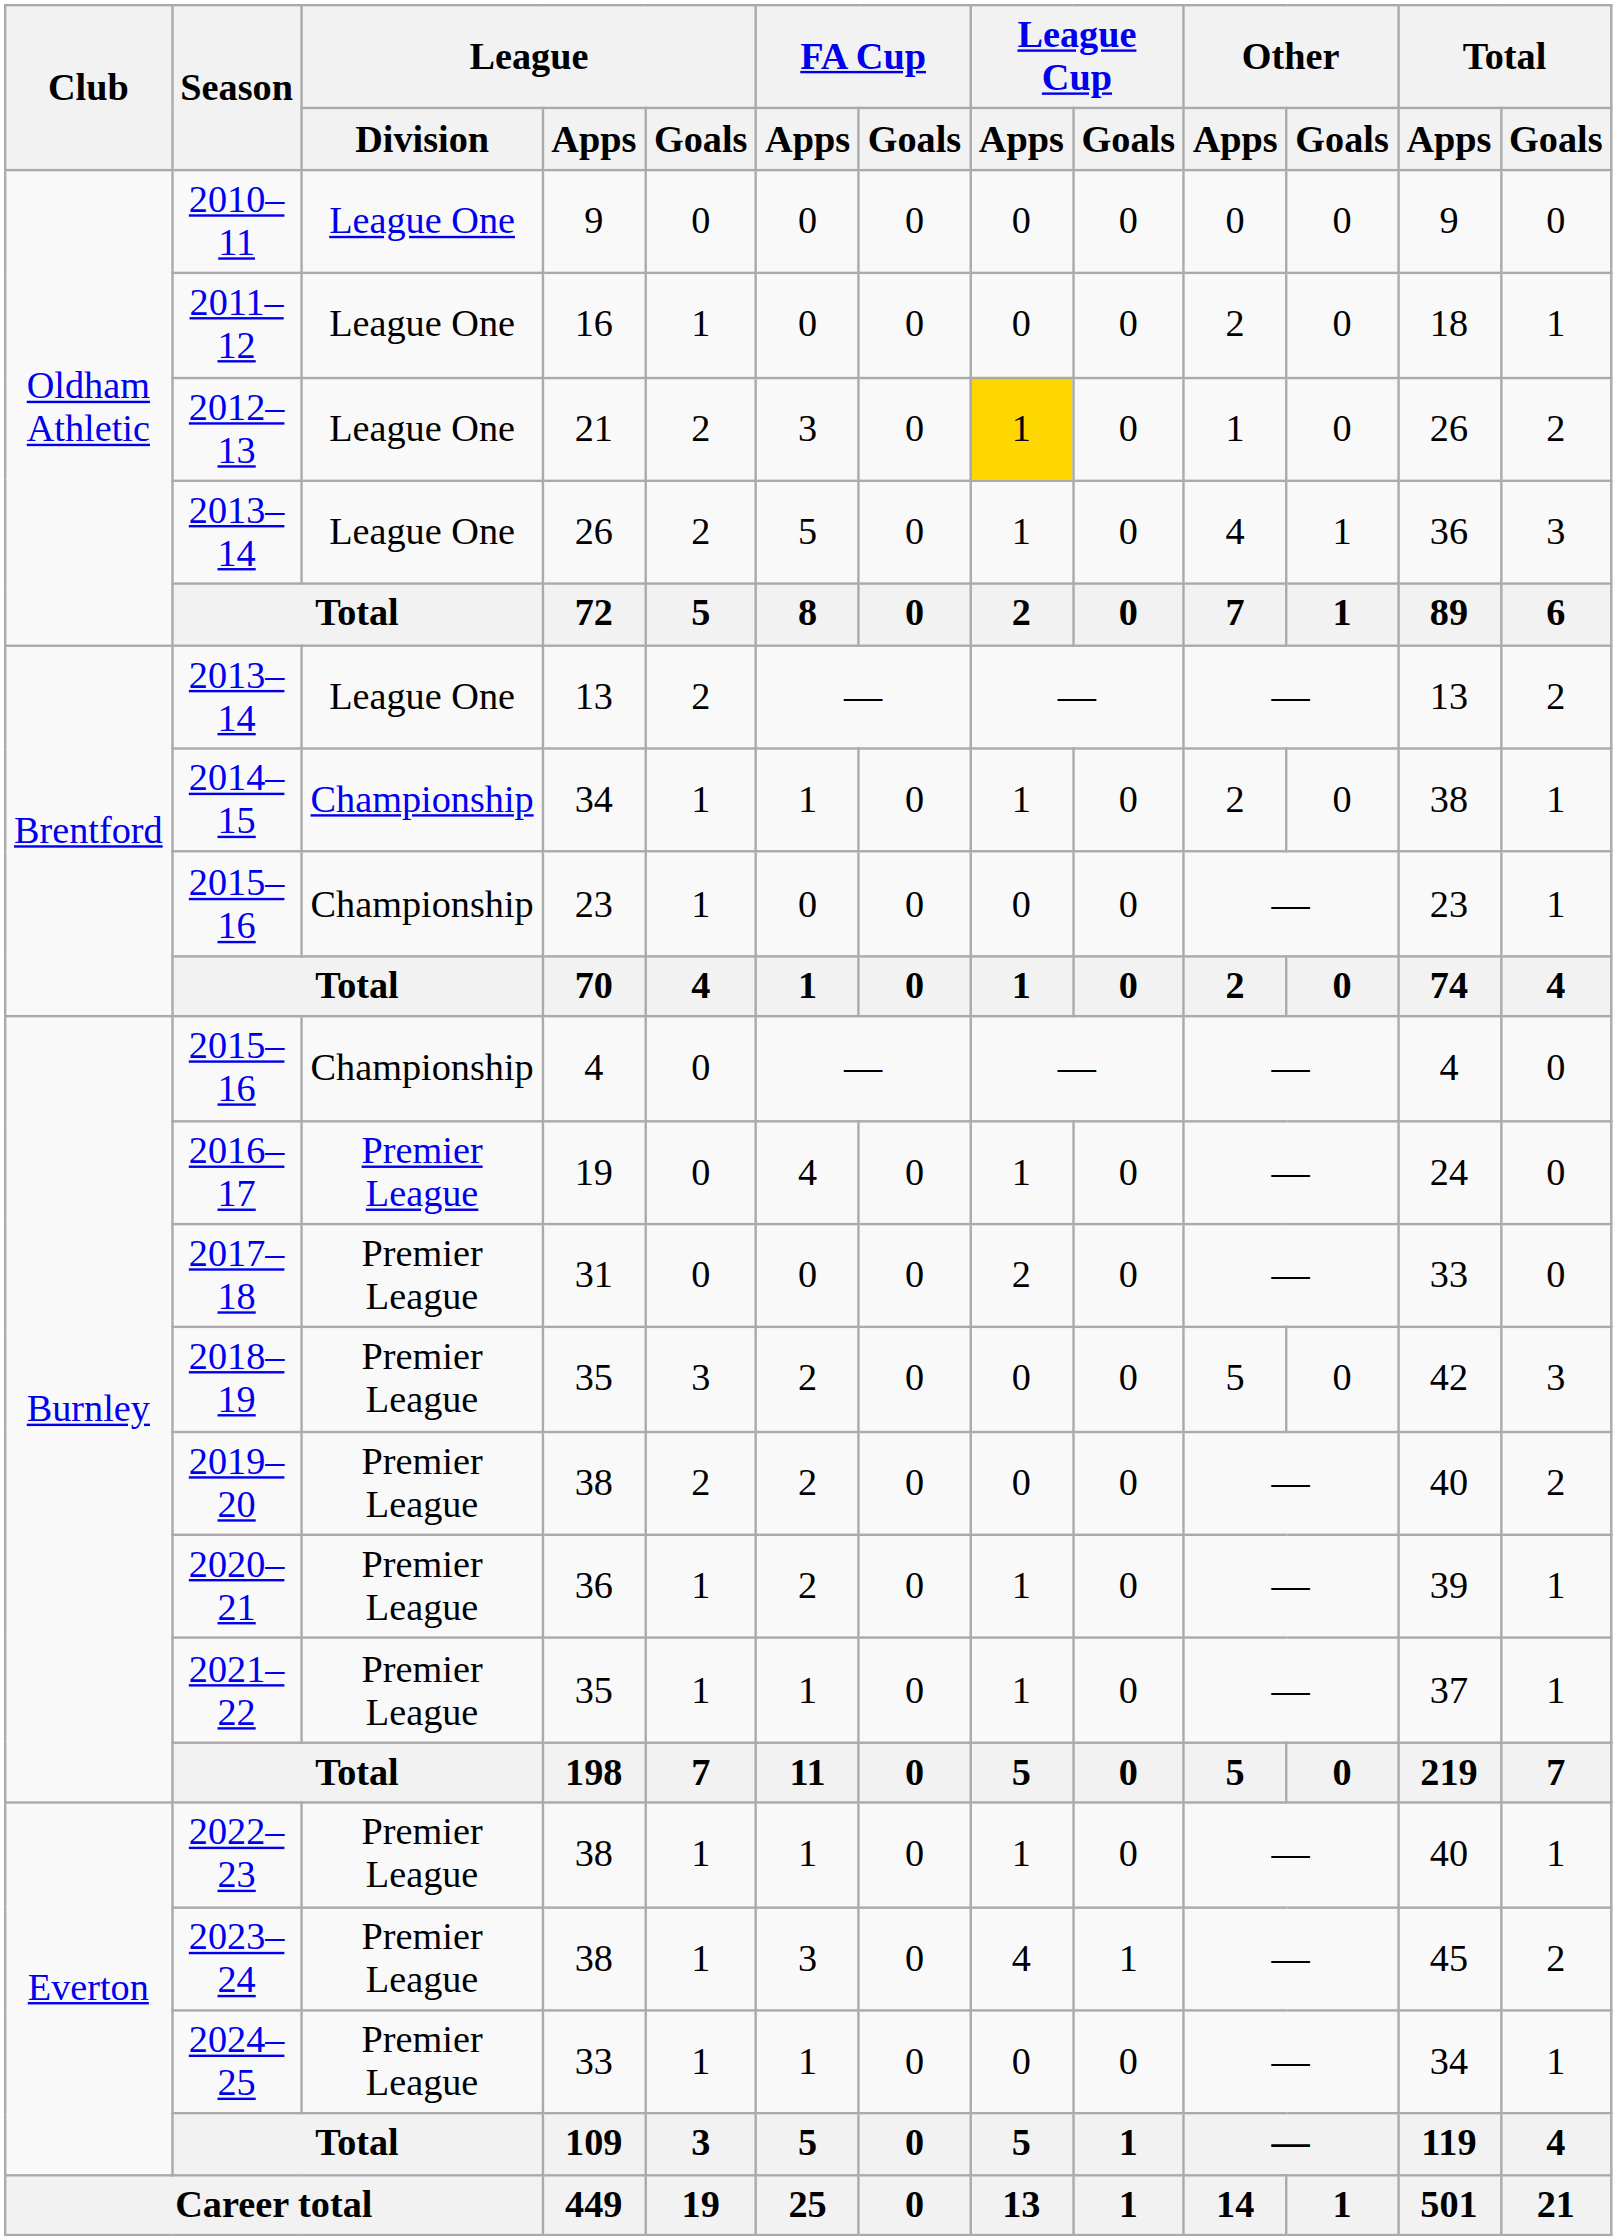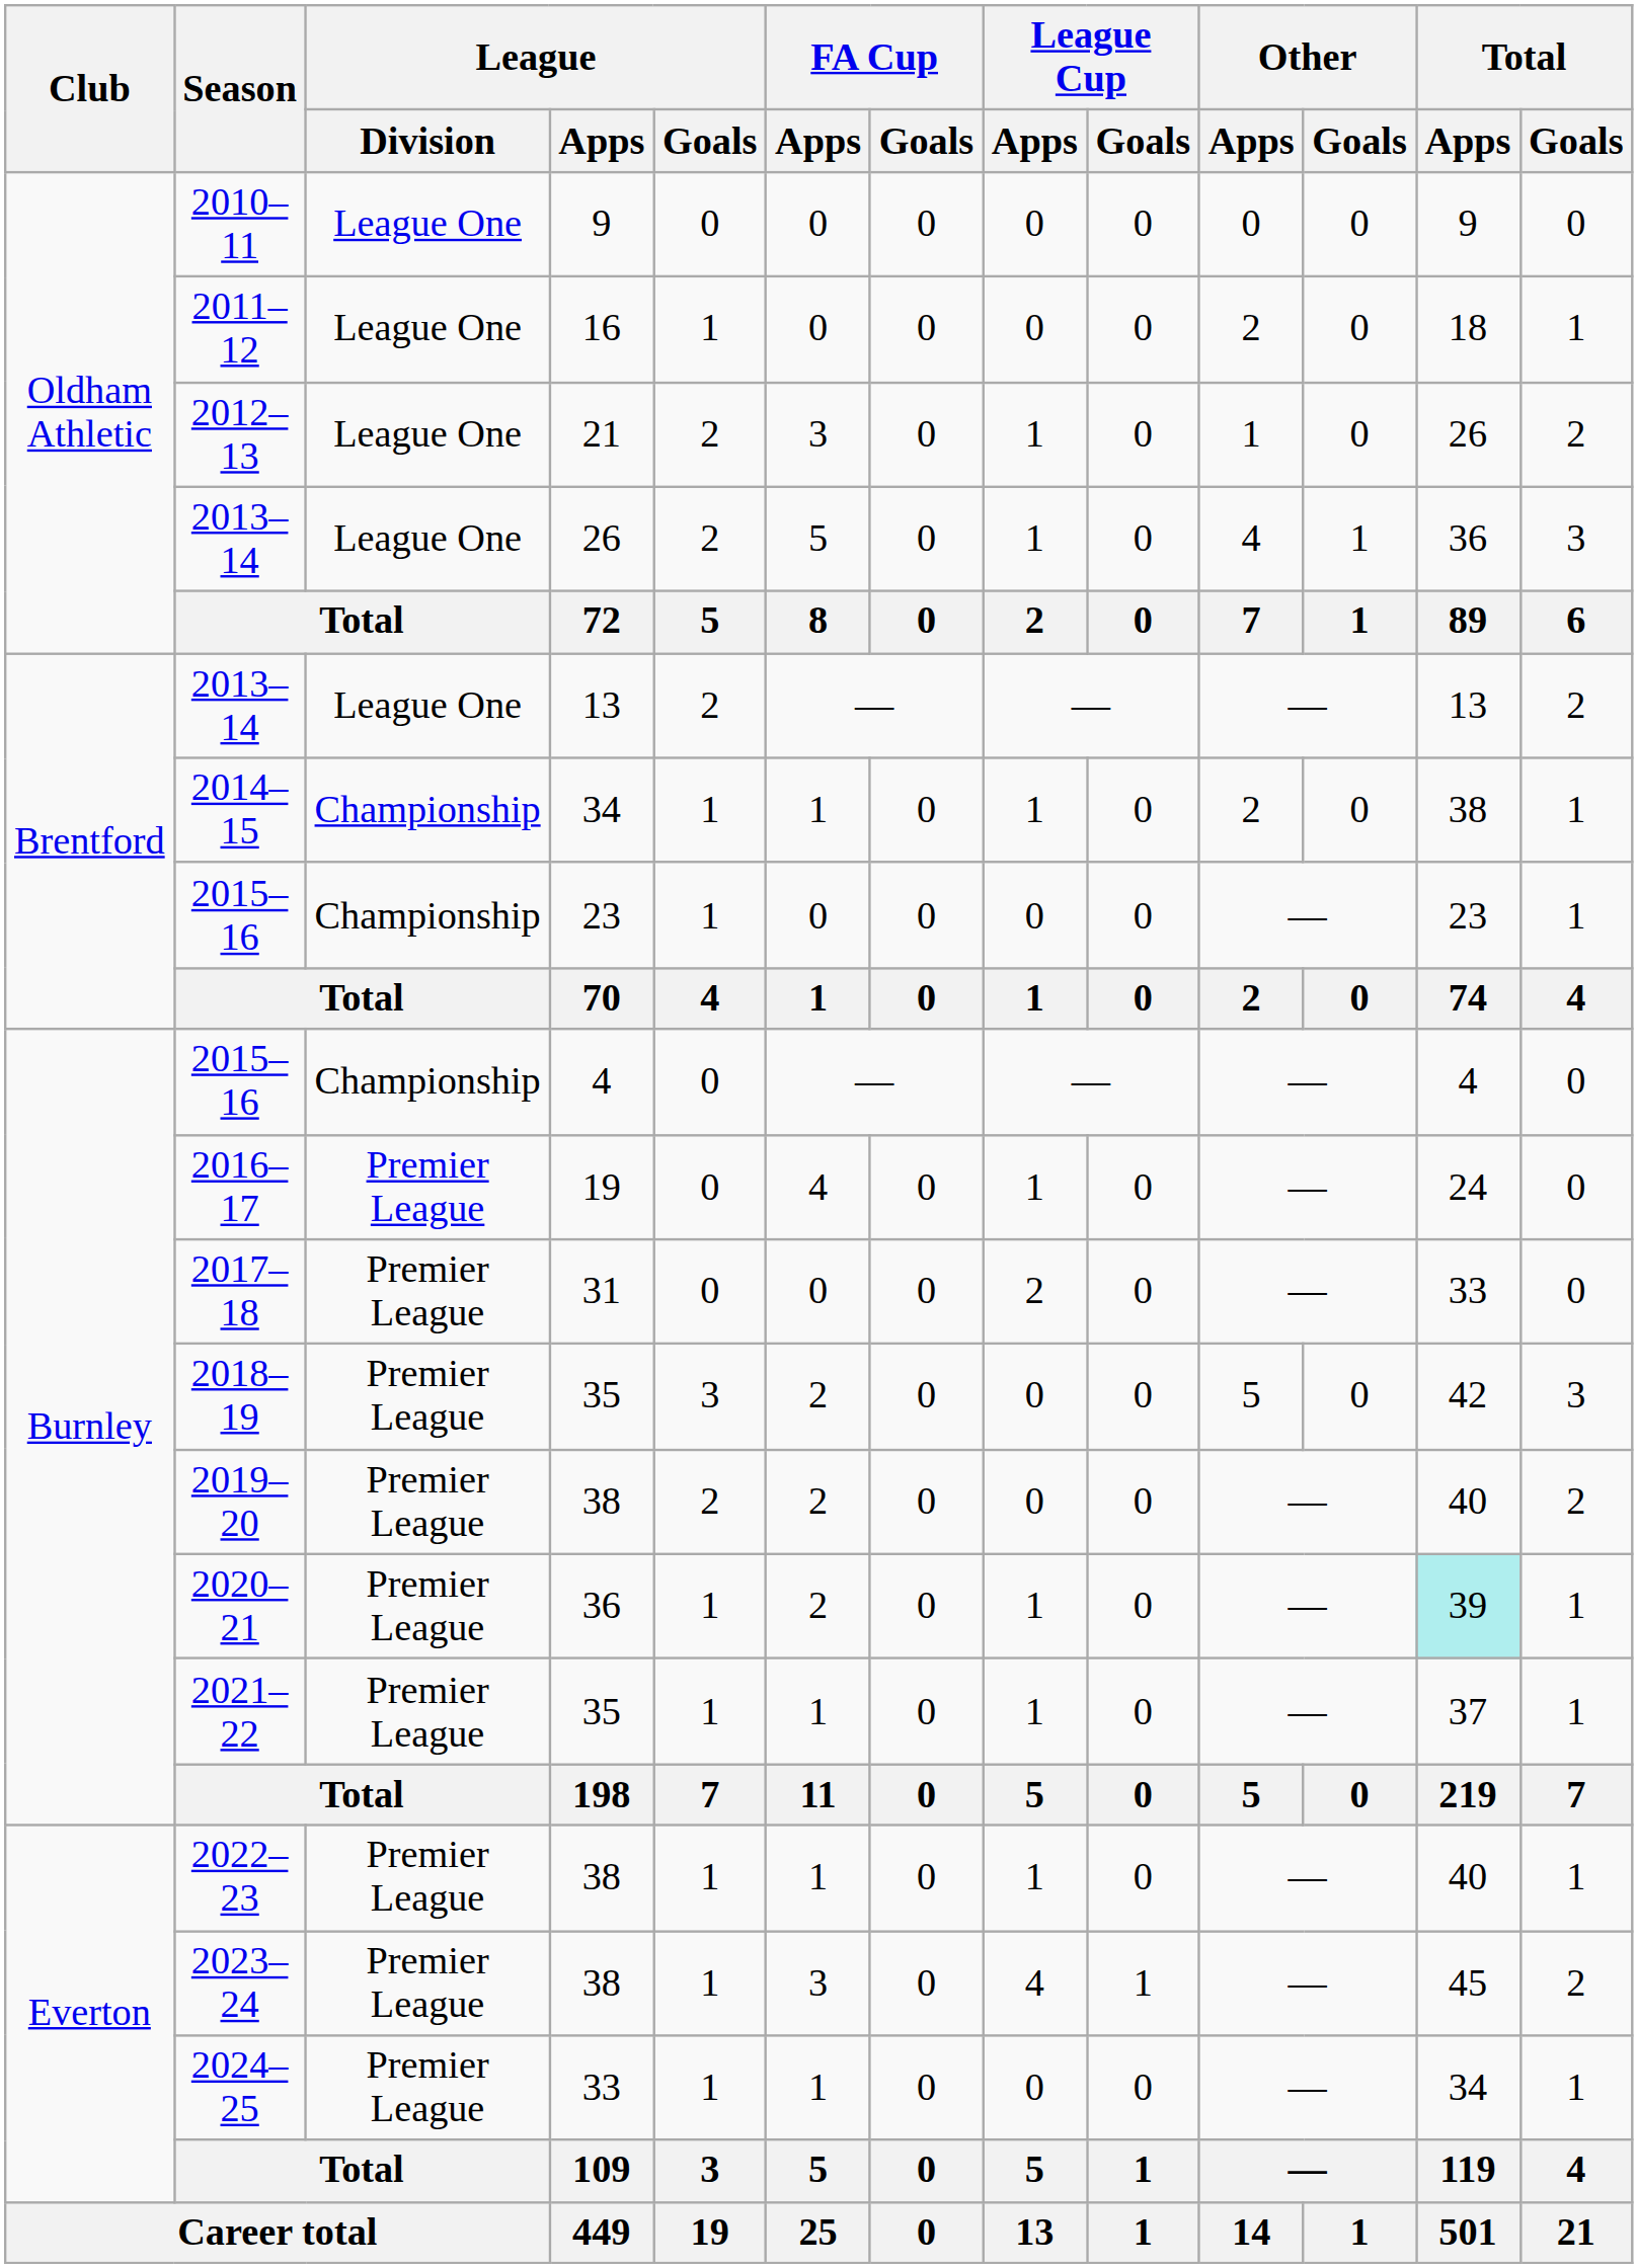 <table class="wikitable" style="text-align: center;">
 <tr>
 <th rowspan="2">Club</th>
 <th rowspan="2">Season</th>
 <th colspan="3">League</th>
 <th colspan="2"><a href='#'>FA Cup</a></th>
 <th colspan="2"><a href='#'>League Cup</a></th>
 <th colspan="2">Other</th>
 <th colspan="2">Total</th>
 </tr>
 <tr>
 <th>Division</th>
 <th>Apps</th>
 <th>Goals</th>
 <th>Apps</th>
 <th>Goals</th>
 <th>Apps</th>
 <th>Goals</th>
 <th>Apps</th>
 <th>Goals</th>
 <th>Apps</th>
 <th>Goals</th>
 </tr>
 <tr>
 <td rowspan="5"><a href='#'>Oldham Athletic</a></td>
 <td><a href='#'>2010–11</a></td>
 <td><a href='#'>League One</a></td>
 <td>9</td>
 <td>0</td>
 <td>0</td>
 <td>0</td>
 <td>0</td>
 <td>0</td>
 <td>0</td>
 <td>0</td>
 <td>9</td>
 <td>0</td>
 </tr>
 <tr>
 <td><a href='#'>2011–12</a></td>
 <td>League One</td>
 <td>16</td>
 <td>1</td>
 <td>0</td>
 <td>0</td>
 <td>0</td>
 <td>0</td>
 <td>2</td>
 <td>0</td>
 <td>18</td>
 <td>1</td>
 </tr>
 <tr>
 <td><a href='#'>2012–13</a></td>
 <td>League One</td>
 <td>21</td>
 <td>2</td>
 <td>3</td>
 <td>0</td>
-<td style="background: gold;">1</td>
+<td>1</td>
 <td>0</td>
 <td>1</td>
 <td>0</td>
 <td>26</td>
 <td>2</td>
 </tr>
 <tr>
 <td><a href='#'>2013–14</a></td>
 <td>League One</td>
 <td>26</td>
 <td>2</td>
 <td>5</td>
 <td>0</td>
 <td>1</td>
 <td>0</td>
 <td>4</td>
 <td>1</td>
 <td>36</td>
 <td>3</td>
 </tr>
 <tr>
 <th colspan="2">Total</th>
 <th>72</th>
 <th>5</th>
 <th>8</th>
 <th>0</th>
 <th>2</th>
 <th>0</th>
 <th>7</th>
 <th>1</th>
 <th>89</th>
 <th>6</th>
 </tr>
 <tr>
 <td rowspan="4"><a href='#'>Brentford</a></td>
 <td><a href='#'>2013–14</a></td>
 <td>League One</td>
 <td>13</td>
 <td>2</td>
 <td colspan="2">—</td>
 <td colspan="2">—</td>
 <td colspan="2">—</td>
 <td>13</td>
 <td>2</td>
 </tr>
 <tr>
 <td><a href='#'>2014–15</a></td>
 <td><a href='#'>Championship</a></td>
 <td>34</td>
 <td>1</td>
 <td>1</td>
 <td>0</td>
 <td>1</td>
 <td>0</td>
 <td>2</td>
 <td>0</td>
 <td>38</td>
 <td>1</td>
 </tr>
 <tr>
 <td><a href='#'>2015–16</a></td>
 <td>Championship</td>
 <td>23</td>
 <td>1</td>
 <td>0</td>
 <td>0</td>
 <td>0</td>
 <td>0</td>
 <td colspan="2">—</td>
 <td>23</td>
 <td>1</td>
 </tr>
 <tr>
 <th colspan="2">Total</th>
 <th>70</th>
 <th>4</th>
 <th>1</th>
 <th>0</th>
 <th>1</th>
 <th>0</th>
 <th>2</th>
 <th>0</th>
 <th>74</th>
 <th>4</th>
 </tr>
 <tr>
 <td rowspan="8"><a href='#'>Burnley</a></td>
 <td><a href='#'>2015–16</a></td>
 <td>Championship</td>
 <td>4</td>
 <td>0</td>
 <td colspan="2">—</td>
 <td colspan="2">—</td>
 <td colspan="2">—</td>
 <td>4</td>
 <td>0</td>
 </tr>
 <tr>
 <td><a href='#'>2016–17</a></td>
 <td><a href='#'>Premier League</a></td>
 <td>19</td>
 <td>0</td>
 <td>4</td>
 <td>0</td>
 <td>1</td>
 <td>0</td>
 <td colspan="2">—</td>
 <td>24</td>
 <td>0</td>
 </tr>
 <tr>
 <td><a href='#'>2017–18</a></td>
 <td>Premier League</td>
 <td>31</td>
 <td>0</td>
 <td>0</td>
 <td>0</td>
 <td>2</td>
 <td>0</td>
 <td colspan="2">—</td>
 <td>33</td>
 <td>0</td>
 </tr>
 <tr>
 <td><a href='#'>2018–19</a></td>
 <td>Premier League</td>
 <td>35</td>
 <td>3</td>
 <td>2</td>
 <td>0</td>
 <td>0</td>
 <td>0</td>
 <td>5</td>
 <td>0</td>
 <td>42</td>
 <td>3</td>
 </tr>
 <tr>
 <td><a href='#'>2019–20</a></td>
 <td>Premier League</td>
 <td>38</td>
 <td>2</td>
 <td>2</td>
 <td>0</td>
 <td>0</td>
 <td>0</td>
 <td colspan="2">—</td>
 <td>40</td>
 <td>2</td>
 </tr>
 <tr>
 <td><a href='#'>2020–21</a></td>
 <td>Premier League</td>
 <td>36</td>
 <td>1</td>
 <td>2</td>
 <td>0</td>
 <td>1</td>
 <td>0</td>
 <td colspan="2">—</td>
-<td>39</td>
+<td style="background: paleturquoise;">39</td>
 <td>1</td>
 </tr>
 <tr>
 <td><a href='#'>2021–22</a></td>
 <td>Premier League</td>
 <td>35</td>
 <td>1</td>
 <td>1</td>
 <td>0</td>
 <td>1</td>
 <td>0</td>
 <td colspan="2">—</td>
 <td>37</td>
 <td>1</td>
 </tr>
 <tr>
 <th colspan="2">Total</th>
 <th>198</th>
 <th>7</th>
 <th>11</th>
 <th>0</th>
 <th>5</th>
 <th>0</th>
 <th>5</th>
 <th>0</th>
 <th>219</th>
 <th>7</th>
 </tr>
 <tr>
 <td rowspan="4"><a href='#'>Everton</a></td>
 <td><a href='#'>2022–23</a></td>
 <td>Premier League</td>
 <td>38</td>
 <td>1</td>
 <td>1</td>
 <td>0</td>
 <td>1</td>
 <td>0</td>
 <td colspan="2">—</td>
 <td>40</td>
 <td>1</td>
 </tr>
 <tr>
 <td><a href='#'>2023–24</a></td>
 <td>Premier League</td>
 <td>38</td>
 <td>1</td>
 <td>3</td>
 <td>0</td>
 <td>4</td>
 <td>1</td>
 <td colspan="2">—</td>
 <td>45</td>
 <td>2</td>
 </tr>
 <tr>
 <td><a href='#'>2024–25</a></td>
 <td>Premier League</td>
 <td>33</td>
 <td>1</td>
 <td>1</td>
 <td>0</td>
 <td>0</td>
 <td>0</td>
 <td colspan="2">—</td>
 <td>34</td>
 <td>1</td>
 </tr>
 <tr>
 <th colspan="2">Total</th>
 <th>109</th>
 <th>3</th>
 <th>5</th>
 <th>0</th>
 <th>5</th>
 <th>1</th>
 <th colspan="2">—</th>
 <th>119</th>
 <th>4</th>
 </tr>
 <tr>
 <th colspan="3">Career total</th>
 <th>449</th>
 <th>19</th>
 <th>25</th>
 <th>0</th>
 <th>13</th>
 <th>1</th>
 <th>14</th>
 <th>1</th>
 <th>501</th>
 <th>21</th>
 </tr>
 </table>
